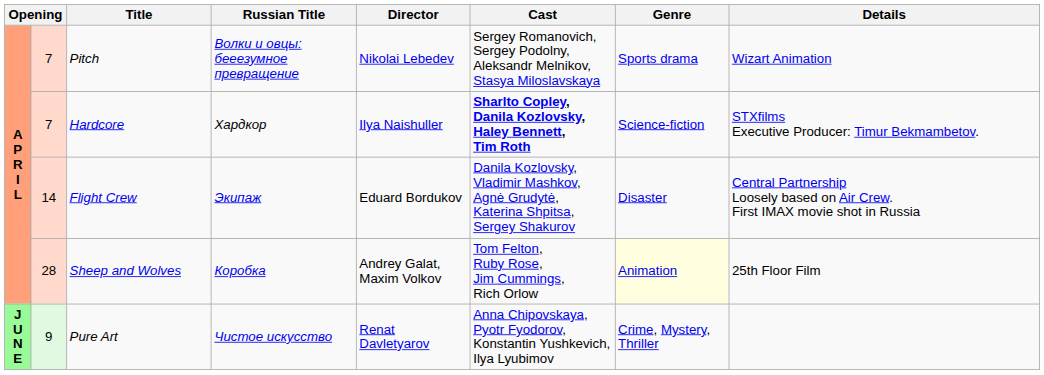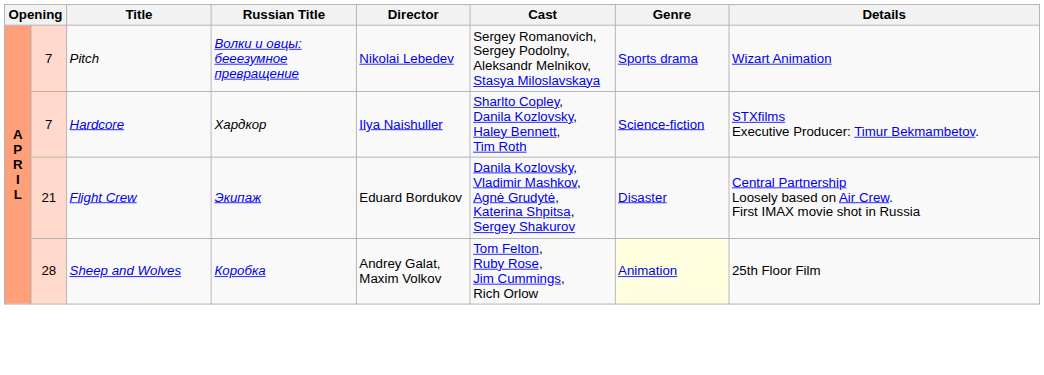 <table class="wikitable">
 <tr>
 <th style="width:6%;" colspan="2">Opening</th>
 <th style="width:14%;">Title</th>
 <th style="width:14%;">Russian Title</th>
 <th style="width:11%;">Director</th>
 <th style="width:14%;">Cast</th>
 <th style="width:11%;">Genre</th>
 <th>Details</th>
 </tr>
 <tr>
 <th rowspan="4" align="center" style="background:#ffa07a; textcolor:#000;">A<br>P<br>R<br>I<br>L</th>
 <td align="center" style="background:#ffdacc;">7</td>
 <td><em>Pitch</em></td>
 <td><em><a href='#'>Волки и овцы: бееезумное превращение</a></em></td>
 <td><a href='#'>Nikolai Lebedev</a></td>
 <td>Sergey Romanovich,<br> Sergey Podolny,<br> Aleksandr Melnikov,<br> <a href='#'>Stasya Miloslavskaya</a></td>
 <td><a href='#'>Sports drama</a></td>
 <td><a href='#'>Wizart Animation</a></td>
 </tr>
 <tr>
 <td align="center" style="background:#ffdacc;">7</td>
 <td><em><a href='#'>Hardcore</a></em></td>
 <td><em>Хардкор</em></td>
 <td><a href='#'>Ilya Naishuller</a></td>
-<td><strong><a href='#'>Sharlto Copley</a>,<br> <a href='#'>Danila Kozlovsky</a>,<br> <a href='#'>Haley Bennett</a>,<br> <a href='#'>Tim Roth</a></strong></td>
+<td><a href='#'>Sharlto Copley</a>,<br> <a href='#'>Danila Kozlovsky</a>,<br> <a href='#'>Haley Bennett</a>,<br> <a href='#'>Tim Roth</a></td>
 <td><a href='#'>Science-fiction</a></td>
 <td><a href='#'>STXfilms</a> <br> Executive Producer: <a href='#'>Timur Bekmambetov</a>.</td>
 </tr>
 <tr>
-<td align="center" style="background:#ffdacc;">14</td>
+<td align="center" style="background:#ffdacc;">21</td>
 <td><em><a href='#'>Flight Crew</a></em></td>
 <td><em><a href='#'>Экипаж</a></em></td>
 <td>Eduard Bordukov</td>
 <td><a href='#'>Danila Kozlovsky</a>,<br> <a href='#'>Vladimir Mashkov</a>,<br> <a href='#'>Agnė Grudytė</a>,<br> <a href='#'>Katerina Shpitsa</a>,<br> <a href='#'>Sergey Shakurov</a></td>
 <td><a href='#'>Disaster</a></td>
 <td><a href='#'>Central Partnership</a> <br> Loosely based on <a href='#'>Air Crew</a>. <br> First IMAX movie shot in Russia</td>
 </tr>
 <tr>
 <td align="center" style="background:#ffdacc;">28</td>
 <td><em><a href='#'>Sheep and Wolves</a></em></td>
 <td><em><a href='#'>Коробка</a></em></td>
 <td>Andrey Galat, Maxim Volkov</td>
 <td><a href='#'>Tom Felton</a>,<br> <a href='#'>Ruby Rose</a>,<br> <a href='#'>Jim Cummings</a>,<br> Rich Orlow</td>
 <td style="background: lightyellow;"><a href='#'>Animation</a></td>
 <td>25th Floor Film  <br> <em></em></td>
 </tr>
-<tr>
-<th rowspan="1" align="center" style="background:#98fb98; textcolor:#000;">J<br>U<br>N<br>E</th>
-<td align="center" style="background:#e0f9e0;">9</td>
-<td><em>Pure Art</em></td>
-<td><em><a href='#'>Чистое искусство</a></em></td>
-<td><a href='#'>Renat Davletyarov</a></td>
-<td><a href='#'>Anna Chipovskaya</a>,<br> <a href='#'>Pyotr Fyodorov</a>,<br> Konstantin Yushkevich,<br> Ilya Lyubimov</td>
-<td><a href='#'>Crime</a>, <a href='#'>Mystery</a>, <a href='#'>Thriller</a></td>
-<td></td>
-</tr>
 </table>
